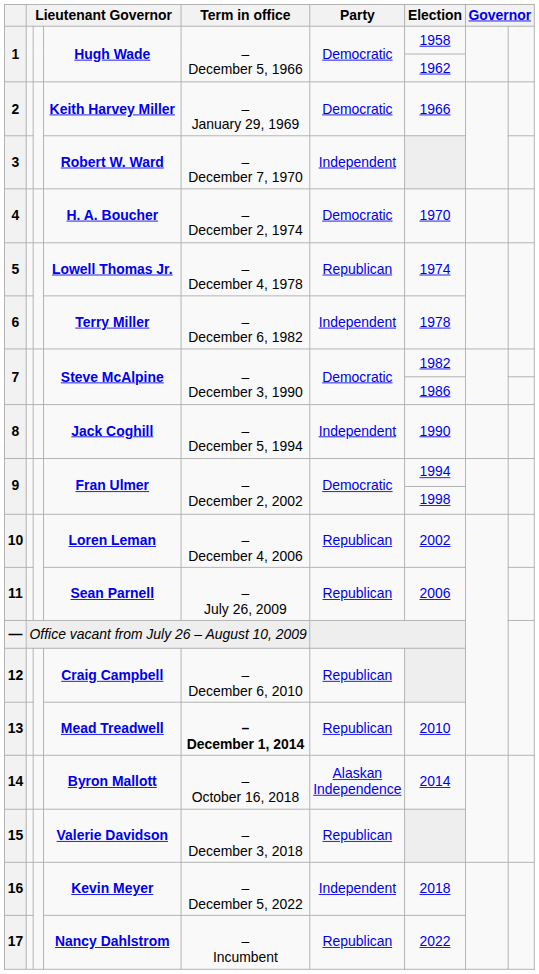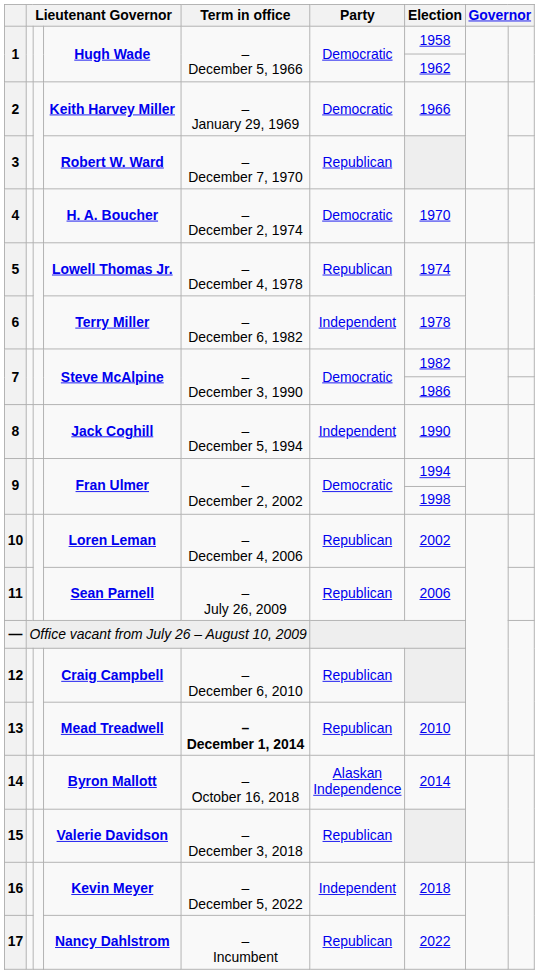 <table class="wikitable sortable mw-datatable sticky-header-multi" style="text-align:center;">
 <tr>
 <th scope="col" data-sort-type="number"></th>
 <th scope="colgroup" colspan="3">Lieutenant Governor</th>
 <th scope="col">Term in office</th>
 <th scope="col">Party</th>
 <th scope="col">Election</th>
 <th scope="colgroup" colspan="2"><a href='#'>Governor</a></th>
 </tr>
 <tr style="height:2em;">
 <th scope="rowgroup" rowspan="2">1</th>
 <td rowspan="2" data-sort-value="Wade, Hugh"></td>
 <td rowspan="2" style="background: "> </td>
 <td rowspan="2"><strong><a href='#'>Hugh Wade</a></strong><br></td>
 <td rowspan="2"><br>–<br>December 5, 1966<br></td>
 <td rowspan="2"><a href='#'>Democratic</a></td>
 <td><a href='#'>1958</a></td>
 <td rowspan="2" style="background: "> </td>
 <td rowspan="2"></td>
 </tr>
 <tr style="height:2em;">
 <td><a href='#'>1962</a></td>
 </tr>
 <tr style="height:2em;">
 <th scope="row">2</th>
 <td data-sort-value="Miller, Keith"></td>
 <td rowspan="2" style="background: "></td>
 <td><strong><a href='#'>Keith Harvey Miller</a></strong><br></td>
 <td><br>–<br>January 29, 1969<br></td>
 <td><a href='#'>Democratic</a></td>
 <td><a href='#'>1966</a></td>
 <td rowspan="2" style="background: "></td>
 <td></td>
 </tr>
 <tr style="height:2em;">
 <th scope="row">3</th>
 <td data-sort-value="Ward, Robert"></td>
 <td><strong><a href='#'>Robert W. Ward</a></strong><br></td>
 <td><br>–<br>December 7, 1970<br></td>
-<td><a href='#'>Independent</a></td>
+<td><a href='#'>Republican</a></td>
 <td style="background:#EEEEEE;"></td>
 <td></td>
 </tr>
 <tr style="height:2em;">
 <th scope="row">4</th>
 <td data-sort-value="Boucher, H. A."></td>
 <td style="background: "></td>
 <td><strong><a href='#'>H. A. Boucher</a></strong><br></td>
 <td><br>–<br>December 2, 1974<br></td>
 <td><a href='#'>Democratic</a></td>
 <td><a href='#'>1970</a></td>
 <td style="background: "></td>
 <td></td>
 </tr>
 <tr style="height:2em;">
 <th scope="row">5</th>
 <td data-sort-value="Thomas, Lowell"></td>
 <td rowspan="2" style="background: "></td>
 <td><strong><a href='#'>Lowell Thomas Jr.</a></strong><br></td>
 <td><br>–<br>December 4, 1978<br></td>
 <td><a href='#'>Republican</a></td>
 <td><a href='#'>1974</a></td>
 <td rowspan="2" style="background: "></td>
 <td rowspan="2"></td>
 </tr>
 <tr style="height:2em;">
 <th scope="row">6</th>
 <td data-sort-value="Miller, Terry"></td>
 <td><strong><a href='#'>Terry Miller</a></strong><br></td>
 <td><br>–<br>December 6, 1982<br></td>
 <td><a href='#'>Independent</a></td>
 <td><a href='#'>1978</a></td>
 </tr>
 <tr style="height:2em;">
 <th scope="rowgroup" rowspan="2">7</th>
 <td rowspan="2" data-sort-value="McAlpine, Steve"></td>
 <td rowspan="2" style="background: "></td>
 <td rowspan="2"><strong><a href='#'>Steve McAlpine</a></strong><br></td>
 <td rowspan="2"><br>–<br>December 3, 1990<br></td>
 <td rowspan="2"><a href='#'>Democratic</a></td>
 <td><a href='#'>1982</a></td>
 <td rowspan="2" style="background: "></td>
 <td></td>
 </tr>
 <tr style="height:2em;">
 <td><a href='#'>1986</a></td>
 <td></td>
 </tr>
 <tr style="height:2em;">
 <th scope="row">8</th>
 <td data-sort-value="Coghill, Jack"></td>
 <td style="background:"></td>
 <td><strong><a href='#'>Jack Coghill</a></strong><br></td>
 <td><br>–<br>December 5, 1994<br></td>
 <td><a href='#'>Independent</a></td>
 <td><a href='#'>1990</a></td>
 <td style="background:"></td>
 <td></td>
 </tr>
 <tr style="height:2em;">
 <th scope="rowgroup" rowspan="2">9</th>
 <td rowspan="2" data-sort-value="Ulmer, Fran"></td>
 <td rowspan="2" style="background: "></td>
 <td rowspan="2"><strong><a href='#'>Fran Ulmer</a></strong><br></td>
 <td rowspan="2"><br>–<br>December 2, 2002<br></td>
 <td rowspan="2"><a href='#'>Democratic</a></td>
 <td><a href='#'>1994</a></td>
 <td rowspan="2" style="background: "></td>
 <td rowspan="2"></td>
 </tr>
 <tr style="height:2em;">
 <td><a href='#'>1998</a></td>
 </tr>
 <tr style="height:2em;">
 <th scope="row">10</th>
 <td data-sort-value="Leman, Loren"></td>
 <td rowspan="2" style="background: "></td>
 <td><strong><a href='#'>Loren Leman</a></strong><br></td>
 <td><br>–<br>December 4, 2006<br></td>
 <td><a href='#'>Republican</a></td>
 <td><a href='#'>2002</a></td>
 <td rowspan="5" style="background: "></td>
 <td></td>
 </tr>
 <tr style="height:2em;">
 <th scope="row">11</th>
 <td data-sort-value="Parnell, Sean"></td>
 <td><strong><a href='#'>Sean Parnell</a></strong><br></td>
 <td><br>–<br>July 26, 2009<br></td>
 <td><a href='#'>Republican</a></td>
 <td><a href='#'>2006</a></td>
 <td></td>
 </tr>
 <tr style="height:2em;">
 <th scope="row">—</th>
 <td colspan="4" style="background:#EEEEEE;"><em>Office vacant from July 26 – August 10, 2009</em></td>
 <td colspan="2" style="background:#EEEEEE;"></td>
 <td rowspan="3"></td>
 </tr>
 <tr style="height:2em;">
 <th scope="row">12</th>
 <td data-sort-value="Campbell, Craig"></td>
 <td rowspan="2" style="background: "></td>
 <td><strong><a href='#'>Craig Campbell</a></strong><br></td>
 <td><br>–<br>December 6, 2010<br></td>
 <td><a href='#'>Republican</a></td>
 <td style="background:#EEEEEE;"></td>
 </tr>
 <tr style="height:2em;">
 <th scope="row">13</th>
 <td data-sort-value="Treadwell, Mead"></td>
 <td><strong><a href='#'>Mead Treadwell</a></strong><br></td>
 <td><strong><br>–<br>December 1, 2014<br></strong></td>
 <td><a href='#'>Republican</a></td>
 <td><a href='#'>2010</a></td>
 </tr>
 <tr style="height:2em;">
 <th scope="row">14</th>
 <td data-sort-value="Mallott, Byron"></td>
 <td style="background:"></td>
 <td><strong><a href='#'>Byron Mallott</a></strong><br></td>
 <td><br>–<br>October 16, 2018<br></td>
 <td><a href='#'>Alaskan<br>Independence</a></td>
 <td><a href='#'>2014</a></td>
 <td rowspan="2" style="background:"></td>
 <td rowspan="2"></td>
 </tr>
 <tr style="height:2em;">
 <th scope="row">15</th>
 <td data-sort-value="Davidson, Valerie"></td>
 <td style="background:"></td>
 <td><strong><a href='#'>Valerie Davidson</a></strong><br></td>
 <td><br>–<br>December 3, 2018<br></td>
 <td><a href='#'>Republican</a></td>
 <td style="background:#EEEEEE;"></td>
 </tr>
 <tr style="height:2em;">
 <th scope="row">16</th>
 <td data-sort-value="Meyer, Kevin"></td>
 <td rowspan="2" style="background:"></td>
 <td><strong><a href='#'>Kevin Meyer</a></strong><br></td>
 <td><br>–<br>December 5, 2022<br></td>
 <td><a href='#'>Independent</a></td>
 <td><a href='#'>2018</a></td>
 <td rowspan="2" style="background:"></td>
 <td rowspan="2"></td>
 </tr>
 <tr style="height:2em;">
 <th scope="row">17</th>
 <td data-sort-value="Dahlstrom, Nancy"></td>
 <td><strong><a href='#'>Nancy Dahlstrom</a></strong><br></td>
 <td><br>–<br>Incumbent</td>
 <td><a href='#'>Republican</a></td>
 <td><a href='#'>2022</a></td>
 </tr>
 </table>
